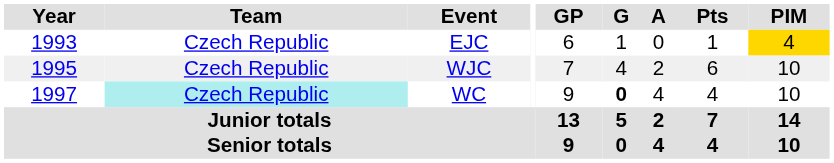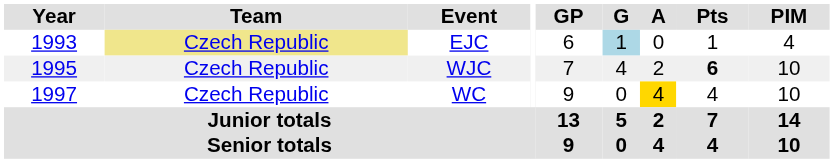 <table border="0" cellpadding="1" cellspacing="0" ID="Table3" style="text-align:center; width:40em">
 <tr bgcolor="#e0e0e0">
 <th>Year</th>
 <th>Team</th>
 <th>Event</th>
 <th rowspan="102" bgcolor="#ffffff"></th>
 <th>GP</th>
 <th>G</th>
 <th>A</th>
 <th>Pts</th>
 <th>PIM</th>
 </tr>
 <tr>
 <td><a href='#'>1993</a></td>
-<td><a href='#'>Czech Republic</a></td>
+<td style="background: khaki;"><a href='#'>Czech Republic</a></td>
 <td><a href='#'>EJC</a></td>
 <td>6</td>
-<td>1</td>
+<td style="background: lightblue;">1</td>
 <td>0</td>
 <td>1</td>
-<td style="background: gold;">4</td>
+<td>4</td>
 </tr>
 <tr bgcolor="#f0f0f0">
 <td><a href='#'>1995</a></td>
 <td><a href='#'>Czech Republic</a></td>
 <td><a href='#'>WJC</a></td>
 <td>7</td>
 <td>4</td>
 <td>2</td>
-<td>6</td>
+<td><strong>6</strong></td>
 <td>10</td>
 </tr>
 <tr>
 <td><a href='#'>1997</a></td>
-<td style="background: paleturquoise;"><a href='#'>Czech Republic</a></td>
+<td><a href='#'>Czech Republic</a></td>
 <td><a href='#'>WC</a></td>
 <td>9</td>
-<td><strong>0</strong></td>
-<td>4</td>
+<td>0</td>
+<td style="background: gold;">4</td>
 <td>4</td>
 <td>10</td>
 </tr>
 <tr bgcolor="#e0e0e0">
 <th colspan="4">Junior totals</th>
 <th>13</th>
 <th>5</th>
 <th>2</th>
 <th>7</th>
 <th>14</th>
 </tr>
 <tr bgcolor="#e0e0e0">
 <th colspan="4">Senior totals</th>
 <th>9</th>
 <th>0</th>
 <th>4</th>
 <th>4</th>
 <th>10</th>
 </tr>
 </table>
